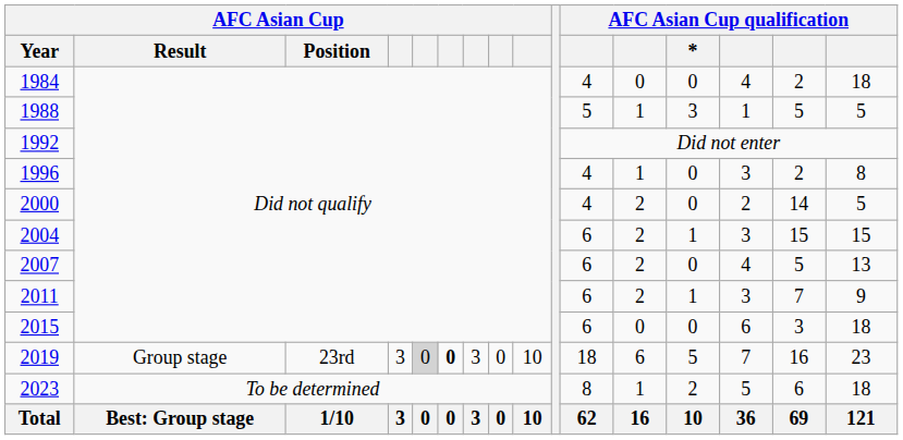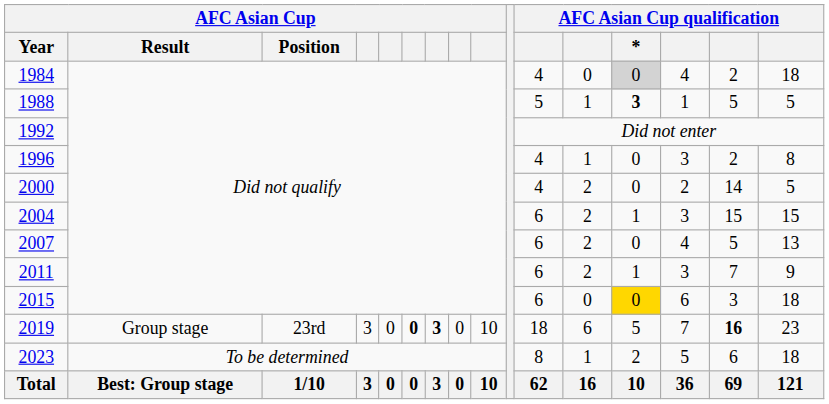 <table class="wikitable" style="text-align: center;">
 <tr>
 <th colspan=9><a href='#'>AFC Asian Cup</a></th>
 <th width=1% rowspan=39></th>
 <th colspan=6><a href='#'>AFC Asian Cup qualification</a></th>
 </tr>
 <tr>
 <th>Year</th>
 <th>Result</th>
 <th>Position</th>
 <th></th>
 <th></th>
 <th></th>
 <th></th>
 <th></th>
 <th></th>
 <th></th>
 <th></th>
 <th>*</th>
 <th></th>
 <th></th>
 <th></th>
 </tr>
 <tr>
 <td> <a href='#'>1984</a></td>
 <td rowspan=9 colspan=8><em>Did not qualify</em></td>
 <td>4</td>
 <td>0</td>
-<td>0</td>
+<td style="background: lightgrey;">0</td>
 <td>4</td>
 <td>2</td>
 <td>18</td>
 </tr>
 <tr>
 <td> <a href='#'>1988</a></td>
 <td>5</td>
 <td>1</td>
-<td>3</td>
+<td><strong>3</strong></td>
 <td>1</td>
 <td>5</td>
 <td>5</td>
 </tr>
 <tr>
 <td> <a href='#'>1992</a></td>
 <td colspan=6><em>Did not enter</em></td>
 </tr>
 <tr>
 <td> <a href='#'>1996</a></td>
 <td>4</td>
 <td>1</td>
 <td>0</td>
 <td>3</td>
 <td>2</td>
 <td>8</td>
 </tr>
 <tr>
 <td> <a href='#'>2000</a></td>
 <td>4</td>
 <td>2</td>
 <td>0</td>
 <td>2</td>
 <td>14</td>
 <td>5</td>
 </tr>
 <tr>
 <td> <a href='#'>2004</a></td>
 <td>6</td>
 <td>2</td>
 <td>1</td>
 <td>3</td>
 <td>15</td>
 <td>15</td>
 </tr>
 <tr>
 <td>    <a href='#'>2007</a></td>
 <td>6</td>
 <td>2</td>
 <td>0</td>
 <td>4</td>
 <td>5</td>
 <td>13</td>
 </tr>
 <tr>
 <td> <a href='#'>2011</a></td>
 <td>6</td>
 <td>2</td>
 <td>1</td>
 <td>3</td>
 <td>7</td>
 <td>9</td>
 </tr>
 <tr>
 <td> <a href='#'>2015</a></td>
 <td>6</td>
 <td>0</td>
-<td>0</td>
+<td style="background: gold;">0</td>
 <td>6</td>
 <td>3</td>
 <td>18</td>
 </tr>
 <tr>
 <td> <a href='#'>2019</a></td>
 <td>Group stage</td>
 <td>23rd</td>
 <td>3</td>
-<td style="background: lightgrey;">0</td>
+<td>0</td>
 <td><strong>0</strong></td>
-<td>3</td>
+<td><strong>3</strong></td>
 <td>0</td>
 <td>10</td>
 <td>18</td>
 <td>6</td>
 <td>5</td>
 <td>7</td>
-<td>16</td>
+<td><strong>16</strong></td>
 <td>23</td>
 </tr>
 <tr>
 <td> <a href='#'>2023</a></td>
 <td colspan=8><em>To be determined</em></td>
 <td>8</td>
 <td>1</td>
 <td>2</td>
 <td>5</td>
 <td>6</td>
 <td>18</td>
 </tr>
 <tr>
 <th><strong>Total</strong></th>
 <th><strong>Best: Group stage</strong></th>
 <th><strong>1/10</strong></th>
 <th><strong>3</strong></th>
 <th><strong>0</strong></th>
 <th><strong>0</strong></th>
 <th><strong>3</strong></th>
 <th><strong>0</strong></th>
 <th><strong>10</strong></th>
 <th><strong>62</strong></th>
 <th><strong>16</strong></th>
 <th><strong>10</strong></th>
 <th><strong>36</strong></th>
 <th><strong>69</strong></th>
 <th><strong>121</strong></th>
 </tr>
 </table>
